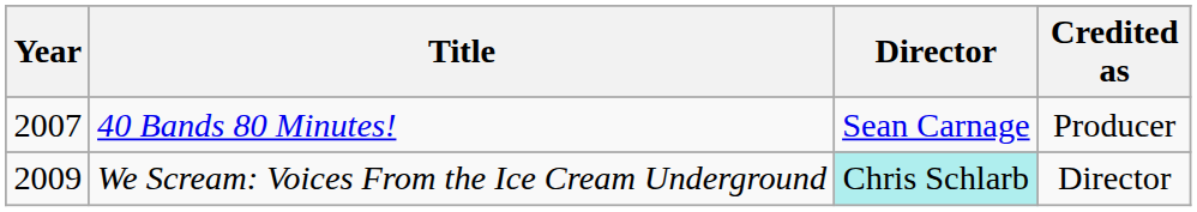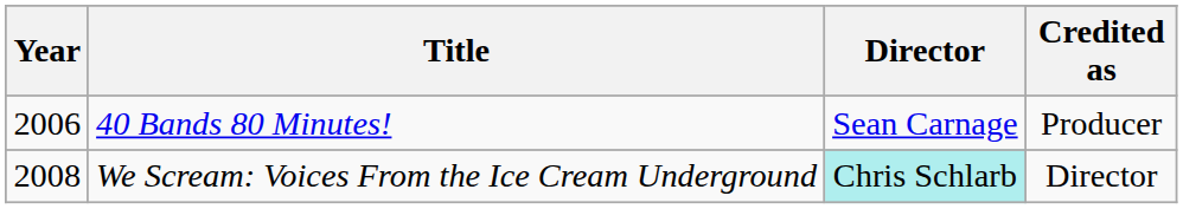 <table class="wikitable" style="text-align:center; margin-center:auto; margin-center:auto">
 <tr>
 <th rowspan="2">Year</th>
 <th rowspan="2">Title</th>
 <th rowspan="2">Director</th>
 </tr>
 <tr>
 <th width=65>Credited as</th>
 </tr>
 <tr>
-<td>2007</td>
+<td>2006</td>
 <td style="text-align:left;"><em><a href='#'>40 Bands 80 Minutes!</a></em></td>
 <td><a href='#'>Sean Carnage</a></td>
 <td>Producer</td>
 </tr>
 <tr>
-<td>2009</td>
+<td>2008</td>
 <td style="text-align:left;"><em>We Scream: Voices From the Ice Cream Underground</em></td>
 <td style="background: paleturquoise;">Chris Schlarb</td>
 <td>Director</td>
 </tr>
 </table>
